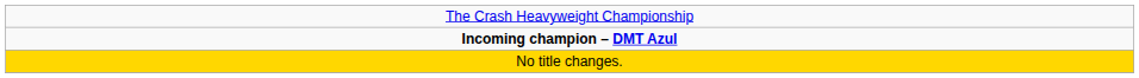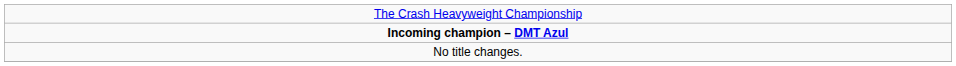 <table class="wikitable" style="text-align:center; width:100%;">
 <tr>
 <td colspan="4" style="text-align: center;"><a href='#'>The Crash Heavyweight Championship</a></td>
 </tr>
 <tr>
 <td colspan="4" style="text-align: center;"><strong>Incoming champion – <a href='#'>DMT Azul</a></strong></td>
 </tr>
 <tr>
-<td style="background: gold;">No title changes.</td>
+<td>No title changes.</td>
 </tr>
 <tr>
 </tr>
 </table>
